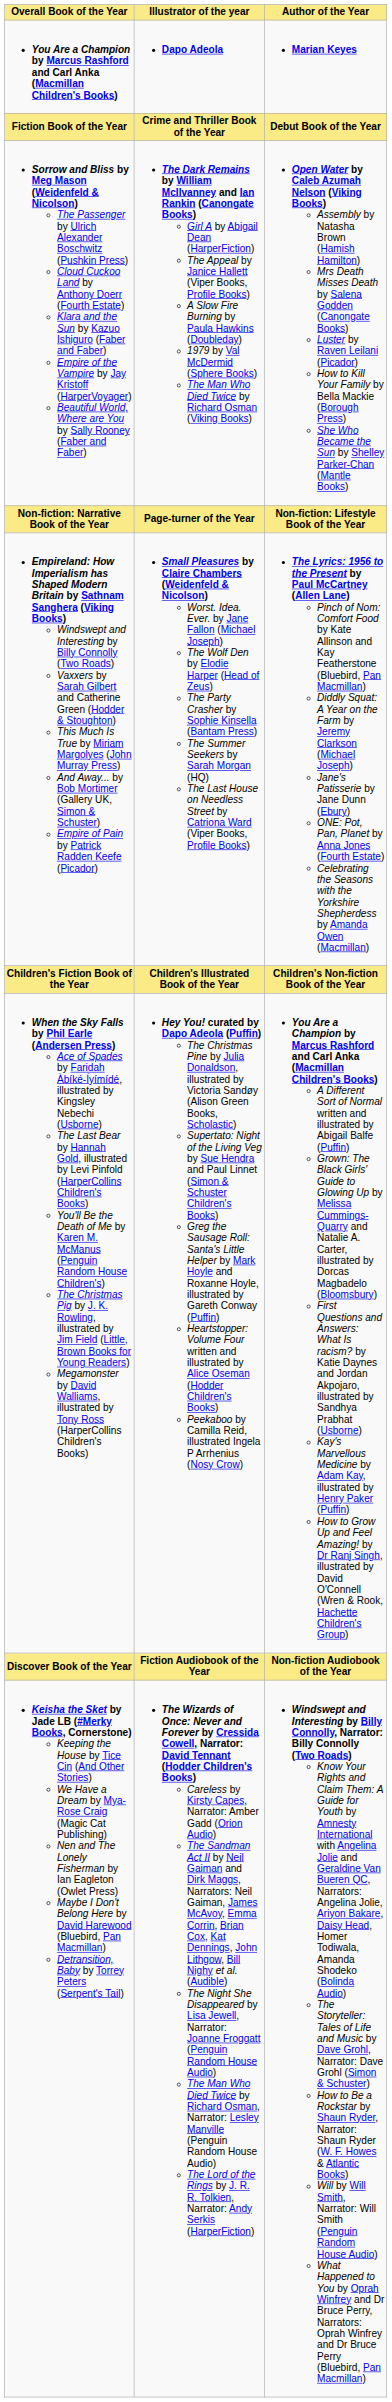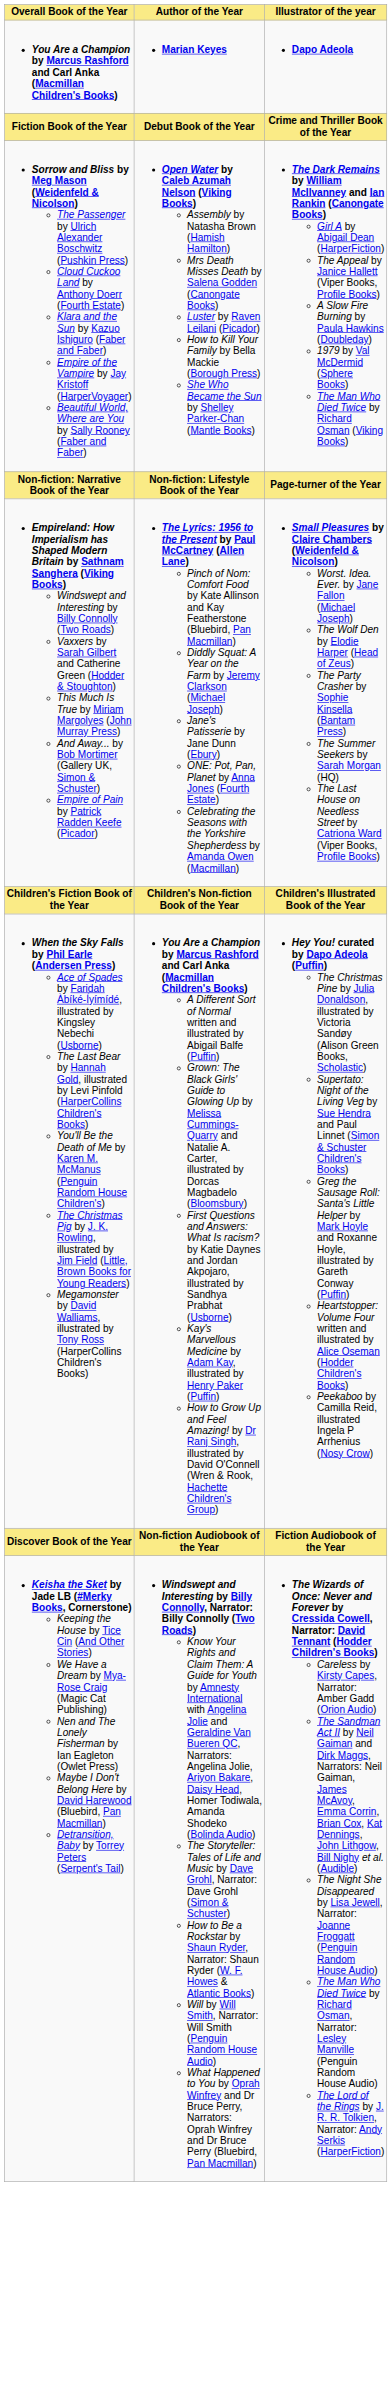 <table class="wikitable" style="font-size:100%">
 <tr>
 <th style="background:#FAEB86;" width="34%">Overall Book of the Year</th>
+<th style="background:#FAEB86;" width="33%">Author of the Year</th>
 <th style="background:#FAEB86;" width="33%">Illustrator of the year</th>
-<th style="background:#FAEB86;" width="33%">Author of the Year</th>
 </tr>
 <tr>
 <td valign="top"><br><ul><li><strong><em>You Are a Champion</em></strong> <strong>by <a href='#'>Marcus Rashford</a> and Carl Anka (<a href='#'>Macmillan Children's Books</a>)</strong></li></ul></td>
+<td valign="top"><br><ul><li><strong><a href='#'>Marian Keyes</a></strong></li></ul></td>
 <td valign="top"><br><ul><li><strong><a href='#'>Dapo Adeola</a></strong></li></ul></td>
-<td valign="top"><br><ul><li><strong><a href='#'>Marian Keyes</a></strong></li></ul></td>
 </tr>
 <tr>
 <th style="background:#FAEB86;" width="34%">Fiction Book of the Year</th>
+<th style="background:#FAEB86;" width="33%">Debut Book of the Year</th>
 <th style="background:#FAEB86;" width="33%">Crime and Thriller Book of the Year</th>
-<th style="background:#FAEB86;" width="33%">Debut Book of the Year</th>
 </tr>
 <tr>
 <td valign="top"><br><ul><li><strong><em>Sorrow and Bliss</em></strong> <strong>by <a href='#'>Meg Mason</a> (<a href='#'>Weidenfeld & Nicolson</a>)</strong><ul><li><em><a href='#'>The Passenger</a></em> by <a href='#'>Ulrich Alexander Boschwitz</a> (<a href='#'>Pushkin Press</a>)</li><li><em><a href='#'>Cloud Cuckoo Land</a></em> by <a href='#'>Anthony Doerr</a> (<a href='#'>Fourth Estate</a>)</li><li><em><a href='#'>Klara and the Sun</a></em> by <a href='#'>Kazuo Ishiguro</a> (<a href='#'>Faber and Faber</a>)</li><li><em><a href='#'>Empire of the Vampire</a></em> by <a href='#'>Jay Kristoff</a> (<a href='#'>HarperVoyager</a>)</li><li><em><a href='#'>Beautiful World, Where are You</a></em> by <a href='#'>Sally Rooney</a> (<a href='#'>Faber and Faber</a>)</li></ul></li></ul></td>
+<td valign="top"><br><ul><li><em><a href='#'><strong>Open Water</strong></a></em> <strong>by <a href='#'>Caleb Azumah Nelson</a> (<a href='#'>Viking Books</a>)</strong><ul><li><em>Assembly</em> by Natasha Brown (<a href='#'>Hamish Hamilton</a>)</li><li><em>Mrs Death Misses Death</em> by <a href='#'>Salena Godden</a> (<a href='#'>Canongate Books</a>)</li><li><em><a href='#'>Luster</a></em> by <a href='#'>Raven Leilani</a> (<a href='#'>Picador</a>)</li><li><em>How to Kill Your Family</em> by Bella Mackie (<a href='#'>Borough Press</a>)</li><li><em><a href='#'>She Who Became the Sun</a></em> by <a href='#'>Shelley Parker-Chan</a> (<a href='#'>Mantle Books</a>)</li></ul></li></ul></td>
 <td valign="top"><br><ul><li><em><a href='#'><strong>The Dark Remains</strong></a></em> <strong>by <a href='#'>William McIlvanney</a> and <a href='#'>Ian Rankin</a> (<a href='#'>Canongate Books</a>)</strong><ul><li><em><a href='#'>Girl A</a></em> by <a href='#'>Abigail Dean</a> (<a href='#'>HarperFiction</a>)</li><li><em>The Appeal</em> by <a href='#'>Janice Hallett</a> (Viper Books, <a href='#'>Profile Books</a>)</li><li><em>A Slow Fire Burning</em> by <a href='#'>Paula Hawkins</a> (<a href='#'>Doubleday</a>)</li><li><em>1979</em> by <a href='#'>Val McDermid</a> (<a href='#'>Sphere Books</a>)</li><li><em><a href='#'>The Man Who Died Twice</a></em> by <a href='#'>Richard Osman</a> (<a href='#'>Viking Books</a>)</li></ul></li></ul></td>
-<td valign="top"><br><ul><li><em><a href='#'><strong>Open Water</strong></a></em> <strong>by <a href='#'>Caleb Azumah Nelson</a> (<a href='#'>Viking Books</a>)</strong><ul><li><em>Assembly</em> by Natasha Brown (<a href='#'>Hamish Hamilton</a>)</li><li><em>Mrs Death Misses Death</em> by <a href='#'>Salena Godden</a> (<a href='#'>Canongate Books</a>)</li><li><em><a href='#'>Luster</a></em> by <a href='#'>Raven Leilani</a> (<a href='#'>Picador</a>)</li><li><em>How to Kill Your Family</em> by Bella Mackie (<a href='#'>Borough Press</a>)</li><li><em><a href='#'>She Who Became the Sun</a></em> by <a href='#'>Shelley Parker-Chan</a> (<a href='#'>Mantle Books</a>)</li></ul></li></ul></td>
 </tr>
 <tr>
 <th style="background:#FAEB86;" width="34%">Non-fiction: Narrative Book of the Year</th>
+<th style="background:#FAEB86;" width="34%">Non-fiction: Lifestyle Book of the Year</th>
 <th style="background:#FAEB86;" width="34%">Page-turner of the Year</th>
-<th style="background:#FAEB86;" width="34%">Non-fiction: Lifestyle Book of the Year</th>
 </tr>
 <tr>
 <td valign="top"><br><ul><li><strong><em>Empireland: How Imperialism has Shaped Modern Britain</em></strong> <strong>by <a href='#'>Sathnam Sanghera</a> (<a href='#'>Viking Books</a>)</strong><ul><li><em>Windswept and Interesting</em> by <a href='#'>Billy Connolly</a> (<a href='#'>Two Roads</a>)</li><li><em>Vaxxers</em> by <a href='#'>Sarah Gilbert</a> and Catherine Green (<a href='#'>Hodder & Stoughton</a>)</li><li><em>This Much Is True</em> by <a href='#'>Miriam Margolyes</a> (<a href='#'>John Murray Press</a>)</li><li><em>And Away...</em> by <a href='#'>Bob Mortimer</a> (Gallery UK, <a href='#'>Simon & Schuster</a>)</li><li><em><a href='#'>Empire of Pain</a></em> by <a href='#'>Patrick Radden Keefe</a> (<a href='#'>Picador</a>)</li></ul></li></ul></td>
+<td valign="top"><br><ul><li><strong><em><a href='#'>The Lyrics: 1956 to the Present</a></em></strong> <strong>by <a href='#'>Paul McCartney</a> (<a href='#'>Allen Lane</a>)</strong><ul><li><em>Pinch of Nom: Comfort Food</em> by Kate Allinson and Kay Featherstone (Bluebird, <a href='#'>Pan Macmillan</a>)</li><li><em>Diddly Squat: A Year on the Farm</em> by <a href='#'>Jeremy Clarkson</a> (<a href='#'>Michael Joseph</a>)</li><li><em>Jane's Patisserie</em> by Jane Dunn (<a href='#'>Ebury</a>)</li><li><em>ONE: Pot, Pan, Planet</em> by <a href='#'>Anna Jones</a> (<a href='#'>Fourth Estate</a>)</li><li><em>Celebrating the Seasons with the Yorkshire Shepherdess</em> by <a href='#'>Amanda Owen</a> (<a href='#'>Macmillan</a>)</li></ul></li></ul></td>
 <td valign="top"><br><ul><li><strong><em><a href='#'>Small Pleasures</a></em></strong> <strong>by <a href='#'>Claire Chambers</a> (<a href='#'>Weidenfeld & Nicolson</a>)</strong><ul><li><em>Worst. Idea. Ever.</em> by <a href='#'>Jane Fallon</a> (<a href='#'>Michael Joseph</a>)</li><li><em>The Wolf Den</em> by <a href='#'>Elodie Harper</a> (<a href='#'>Head of Zeus</a>)</li><li><em>The Party Crasher</em> by <a href='#'>Sophie Kinsella</a> (<a href='#'>Bantam Press</a>)</li><li><em>The Summer Seekers</em> by <a href='#'>Sarah Morgan</a> (HQ)</li><li><em>The Last House on Needless Street</em> by <a href='#'>Catriona Ward</a> (Viper Books, <a href='#'>Profile Books</a>)</li></ul></li></ul></td>
-<td valign="top"><br><ul><li><strong><em><a href='#'>The Lyrics: 1956 to the Present</a></em></strong> <strong>by <a href='#'>Paul McCartney</a> (<a href='#'>Allen Lane</a>)</strong><ul><li><em>Pinch of Nom: Comfort Food</em> by Kate Allinson and Kay Featherstone (Bluebird, <a href='#'>Pan Macmillan</a>)</li><li><em>Diddly Squat: A Year on the Farm</em> by <a href='#'>Jeremy Clarkson</a> (<a href='#'>Michael Joseph</a>)</li><li><em>Jane's Patisserie</em> by Jane Dunn (<a href='#'>Ebury</a>)</li><li><em>ONE: Pot, Pan, Planet</em> by <a href='#'>Anna Jones</a> (<a href='#'>Fourth Estate</a>)</li><li><em>Celebrating the Seasons with the Yorkshire Shepherdess</em> by <a href='#'>Amanda Owen</a> (<a href='#'>Macmillan</a>)</li></ul></li></ul></td>
 </tr>
 <tr>
 <th style="background:#FAEB86;" width="34%">Children's Fiction Book of the Year</th>
+<th style="background:#FAEB86;" width="34%">Children's Non-fiction Book of the Year</th>
 <th style="background:#FAEB86;" width="34%">Children's Illustrated Book of the Year</th>
-<th style="background:#FAEB86;" width="34%">Children's Non-fiction Book of the Year</th>
 </tr>
 <tr>
 <td valign="top"><br><ul><li><strong><em>When the Sky Falls</em></strong> <strong>by <a href='#'>Phil Earle</a> (<a href='#'>Andersen Press</a>)</strong><ul><li><em><a href='#'>Ace of Spades</a></em> by <a href='#'>Faridah Àbíké-Íyímídé</a>, illustrated by Kingsley Nebechi (<a href='#'>Usborne</a>)</li><li><em>The Last Bear</em> by <a href='#'>Hannah Gold</a>, illustrated by Levi Pinfold (<a href='#'>HarperCollins Children's Books</a>)</li><li><em>You'll Be the Death of Me</em> by <a href='#'>Karen M. McManus</a> (<a href='#'>Penguin Random House Children's</a>)</li><li><em><a href='#'>The Christmas Pig</a></em> by <a href='#'>J. K. Rowling</a>, illustrated by <a href='#'>Jim Field</a> (<a href='#'>Little, Brown Books for Young Readers</a>)</li><li><em>Megamonster</em> by <a href='#'>David Walliams</a>, illustrated by <a href='#'>Tony Ross</a> (HarperCollins Children's Books)</li></ul></li></ul></td>
+<td valign="top"><br><ul><li><strong><em>You Are a Champion</em></strong> <strong>by <a href='#'>Marcus Rashford</a> and Carl Anka (<a href='#'>Macmillan Children's Books</a>)</strong><ul><li><em>A Different Sort of Normal</em> written and illustrated by Abigail Balfe (<a href='#'>Puffin</a>)</li><li><em>Grown: The Black Girls' Guide to Glowing Up</em> by <a href='#'>Melissa Cummings-Quarry</a> and Natalie A. Carter, illustrated by Dorcas Magbadelo (<a href='#'>Bloomsbury</a>)</li><li><em>First Questions and Answers: What Is racism?</em> by Katie Daynes and Jordan Akpojaro, illustrated by Sandhya Prabhat (<a href='#'>Usborne</a>)</li><li><em>Kay's Marvellous Medicine</em> by <a href='#'>Adam Kay</a>, illustrated by <a href='#'>Henry Paker</a> (<a href='#'>Puffin</a>)</li><li><em>How to Grow Up and Feel Amazing!</em> by <a href='#'>Dr Ranj Singh</a>, illustrated by David O'Connell (Wren & Rook, <a href='#'>Hachette Children's Group</a>)</li></ul></li></ul></td>
 <td valign="top"><br><ul><li><strong><em>Hey You!</em></strong> <strong>curated by <a href='#'>Dapo Adeola</a> (<a href='#'>Puffin</a>)</strong><ul><li><em>The Christmas Pine</em> by <a href='#'>Julia Donaldson</a>, illustrated by Victoria Sandøy (Alison Green Books, <a href='#'>Scholastic</a>)</li><li><em>Supertato: Night of the Living Veg</em> by <a href='#'>Sue Hendra</a> and Paul Linnet (<a href='#'>Simon & Schuster Children's Books</a>)</li><li><em>Greg the Sausage Roll: Santa's Little Helper</em> by <a href='#'>Mark Hoyle</a> and Roxanne Hoyle, illustrated by Gareth Conway (<a href='#'>Puffin</a>)</li><li><em>Heartstopper: Volume Four</em> written and illustrated by <a href='#'>Alice Oseman</a> (<a href='#'>Hodder Children's Books</a>)</li><li><em>Peekaboo</em> by Camilla Reid, illustrated Ingela P Arrhenius (<a href='#'>Nosy Crow</a>)</li></ul></li></ul></td>
-<td valign="top"><br><ul><li><strong><em>You Are a Champion</em></strong> <strong>by <a href='#'>Marcus Rashford</a> and Carl Anka (<a href='#'>Macmillan Children's Books</a>)</strong><ul><li><em>A Different Sort of Normal</em> written and illustrated by Abigail Balfe (<a href='#'>Puffin</a>)</li><li><em>Grown: The Black Girls' Guide to Glowing Up</em> by <a href='#'>Melissa Cummings-Quarry</a> and Natalie A. Carter, illustrated by Dorcas Magbadelo (<a href='#'>Bloomsbury</a>)</li><li><em>First Questions and Answers: What Is racism?</em> by Katie Daynes and Jordan Akpojaro, illustrated by Sandhya Prabhat (<a href='#'>Usborne</a>)</li><li><em>Kay's Marvellous Medicine</em> by <a href='#'>Adam Kay</a>, illustrated by <a href='#'>Henry Paker</a> (<a href='#'>Puffin</a>)</li><li><em>How to Grow Up and Feel Amazing!</em> by <a href='#'>Dr Ranj Singh</a>, illustrated by David O'Connell (Wren & Rook, <a href='#'>Hachette Children's Group</a>)</li></ul></li></ul></td>
 </tr>
 <tr>
 <th style="background:#FAEB86;" width="34%">Discover Book of the Year</th>
+<th style="background:#FAEB86;" width="34%">Non-fiction Audiobook of the Year</th>
 <th style="background:#FAEB86;" width="34%">Fiction Audiobook of the Year</th>
-<th style="background:#FAEB86;" width="34%">Non-fiction Audiobook of the Year</th>
 </tr>
 <tr>
 <td valign="top"><br><ul><li><strong><em><a href='#'>Keisha the Sket</a></em></strong> <strong>by Jade LB (<a href='#'>#Merky Books</a>, Cornerstone)</strong><ul><li><em>Keeping the House</em> by <a href='#'>Tice Cin</a> (<a href='#'>And Other Stories</a>)</li><li><em>We Have a Dream</em> by <a href='#'>Mya-Rose Craig</a> (Magic Cat Publishing)</li><li><em>Nen and The Lonely Fisherman</em> by Ian Eagleton (Owlet Press)</li><li><em>Maybe I Don't Belong Here</em> by <a href='#'>David Harewood</a> (Bluebird, <a href='#'>Pan Macmillan</a>)</li><li><em><a href='#'>Detransition, Baby</a></em> by <a href='#'>Torrey Peters</a> (<a href='#'>Serpent's Tail</a>)</li></ul></li></ul></td>
+<td valign="top"><br><ul><li><strong><em>Windswept and Interesting</em></strong> <strong>by <a href='#'>Billy Connolly</a>, Narrator: Billy Connolly (<a href='#'>Two Roads</a>)</strong><ul><li><em>Know Your Rights and Claim Them: A Guide for Youth</em> by <a href='#'>Amnesty International</a> with <a href='#'>Angelina Jolie</a> and <a href='#'>Geraldine Van Bueren QC</a>, Narrators: Angelina Jolie, <a href='#'>Ariyon Bakare</a>, <a href='#'>Daisy Head</a>, Homer Todiwala, Amanda Shodeko (<a href='#'>Bolinda Audio</a>)</li><li><em>The Storyteller: Tales of Life and Music</em> by <a href='#'>Dave Grohl</a>, Narrator: Dave Grohl (<a href='#'>Simon & Schuster</a>)</li><li><em>How to Be a Rockstar</em> by <a href='#'>Shaun Ryder</a>, Narrator: Shaun Ryder (<a href='#'>W. F. Howes</a> & <a href='#'>Atlantic Books</a>)</li><li><em>Will</em> by <a href='#'>Will Smith</a>, Narrator: Will Smith (<a href='#'>Penguin Random House Audio</a>)</li><li><em>What Happened to You</em> by <a href='#'>Oprah Winfrey</a> and Dr Bruce Perry, Narrators: Oprah Winfrey and Dr Bruce Perry (Bluebird, <a href='#'>Pan Macmillan</a>)</li></ul></li></ul></td>
 <td valign="top"><br><ul><li><strong><em>The Wizards of Once: Never and Forever</em></strong> <strong>by <a href='#'>Cressida Cowell</a>, Narrator: <a href='#'>David Tennant</a> (<a href='#'>Hodder Children's Books</a>)</strong><ul><li><em>Careless</em> by <a href='#'>Kirsty Capes</a>, Narrator: Amber Gadd (<a href='#'>Orion Audio</a>)</li><li><em><a href='#'>The Sandman Act II</a></em> by <a href='#'>Neil Gaiman</a> and <a href='#'>Dirk Maggs</a>, Narrators: Neil Gaiman, <a href='#'>James McAvoy</a>, <a href='#'>Emma Corrin</a>, <a href='#'>Brian Cox</a>, <a href='#'>Kat Dennings</a>, <a href='#'>John Lithgow</a>, <a href='#'>Bill Nighy</a> <em>et al.</em> (<a href='#'>Audible</a>)</li><li><em>The Night She Disappeared</em> by <a href='#'>Lisa Jewell</a>, Narrator: <a href='#'>Joanne Froggatt</a> (<a href='#'>Penguin Random House Audio</a>)</li><li><em><a href='#'>The Man Who Died Twice</a></em> by <a href='#'>Richard Osman</a>, Narrator: <a href='#'>Lesley Manville</a> (Penguin Random House Audio)</li><li><em><a href='#'>The Lord of the Rings</a></em> by <a href='#'>J. R. R. Tolkien</a>, Narrator: <a href='#'>Andy Serkis</a> (<a href='#'>HarperFiction</a>)</li></ul></li></ul></td>
-<td valign="top"><br><ul><li><strong><em>Windswept and Interesting</em></strong> <strong>by <a href='#'>Billy Connolly</a>, Narrator: Billy Connolly (<a href='#'>Two Roads</a>)</strong><ul><li><em>Know Your Rights and Claim Them: A Guide for Youth</em> by <a href='#'>Amnesty International</a> with <a href='#'>Angelina Jolie</a> and <a href='#'>Geraldine Van Bueren QC</a>, Narrators: Angelina Jolie, <a href='#'>Ariyon Bakare</a>, <a href='#'>Daisy Head</a>, Homer Todiwala, Amanda Shodeko (<a href='#'>Bolinda Audio</a>)</li><li><em>The Storyteller: Tales of Life and Music</em> by <a href='#'>Dave Grohl</a>, Narrator: Dave Grohl (<a href='#'>Simon & Schuster</a>)</li><li><em>How to Be a Rockstar</em> by <a href='#'>Shaun Ryder</a>, Narrator: Shaun Ryder (<a href='#'>W. F. Howes</a> & <a href='#'>Atlantic Books</a>)</li><li><em>Will</em> by <a href='#'>Will Smith</a>, Narrator: Will Smith (<a href='#'>Penguin Random House Audio</a>)</li><li><em>What Happened to You</em> by <a href='#'>Oprah Winfrey</a> and Dr Bruce Perry, Narrators: Oprah Winfrey and Dr Bruce Perry (Bluebird, <a href='#'>Pan Macmillan</a>)</li></ul></li></ul></td>
 </tr>
 </table>
